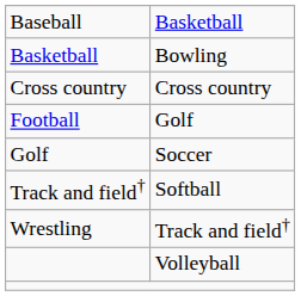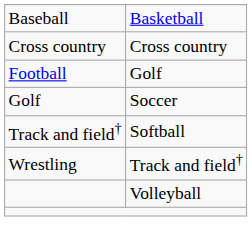 <table class="wikitable" style=" ">
 <tr>
 </tr>
 <tr>
 <td>Baseball</td>
 <td><a href='#'>Basketball</a></td>
-</tr>
-<tr>
-<td><a href='#'>Basketball</a></td>
-<td>Bowling</td>
 </tr>
 <tr>
 <td>Cross country</td>
 <td>Cross country</td>
 </tr>
 <tr>
 <td><a href='#'>Football</a></td>
 <td>Golf</td>
 </tr>
 <tr>
 <td>Golf</td>
 <td>Soccer</td>
 </tr>
 <tr>
 <td>Track and field<sup>†</sup></td>
 <td>Softball</td>
 </tr>
 <tr>
 <td>Wrestling</td>
 <td>Track and field<sup>†</sup></td>
 </tr>
 <tr>
 <td></td>
 <td>Volleyball</td>
 </tr>
 <tr>
 <td colspan="2"></td>
 </tr>
 </table>
